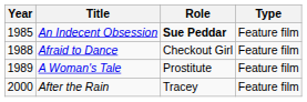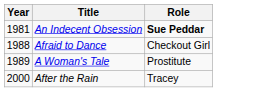 <table class="wikitable">
 <tr>
 <th>Year</th>
 <th>Title</th>
 <th>Role</th>
-<th>Type</th>
 </tr>
 <tr>
-<td>1985</td>
+<td>1981</td>
 <td><em><a href='#'>An Indecent Obsession</a></em></td>
 <td><strong>Sue Peddar</strong></td>
-<td>Feature film</td>
 </tr>
 <tr>
 <td>1988</td>
 <td><em><a href='#'>Afraid to Dance</a></em></td>
 <td>Checkout Girl</td>
-<td>Feature film</td>
 </tr>
 <tr>
 <td>1989</td>
 <td><em><a href='#'>A Woman's Tale</a></em></td>
 <td>Prostitute</td>
-<td>Feature film</td>
 </tr>
 <tr>
 <td>2000</td>
 <td><em>After the Rain</em></td>
 <td>Tracey</td>
-<td>Feature film</td>
 </tr>
 </table>
